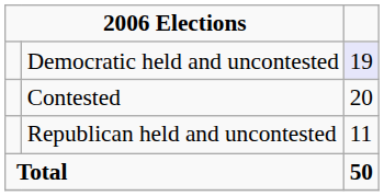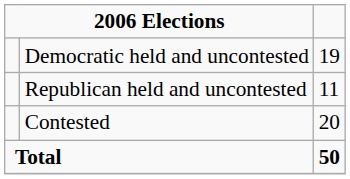 <table class="wikitable">
 <tr>
 <td colspan="2" rowspan="1" align="center"><strong>2006 Elections</strong></td>
 </tr>
 <tr>
 <td style="background-color:"> </td>
 <td>Democratic held and uncontested</td>
-<td style="background: lavender;">19</td>
+<td>19</td>
+</tr>
+<tr>
+<td style="background-color:"> </td>
+<td>Republican held and uncontested</td>
+<td>11</td>
 </tr>
 <tr>
 <td style="background-color:"> </td>
 <td>Contested</td>
 <td>20</td>
-</tr>
-<tr>
-<td style="background-color:"> </td>
-<td>Republican held and uncontested</td>
-<td>11</td>
 </tr>
 <tr>
 <td colspan="2" rowspan="1"> <strong>Total</strong><br></td>
 <td><strong>50</strong></td>
 </tr>
 <tr>
 </tr>
 </table>
